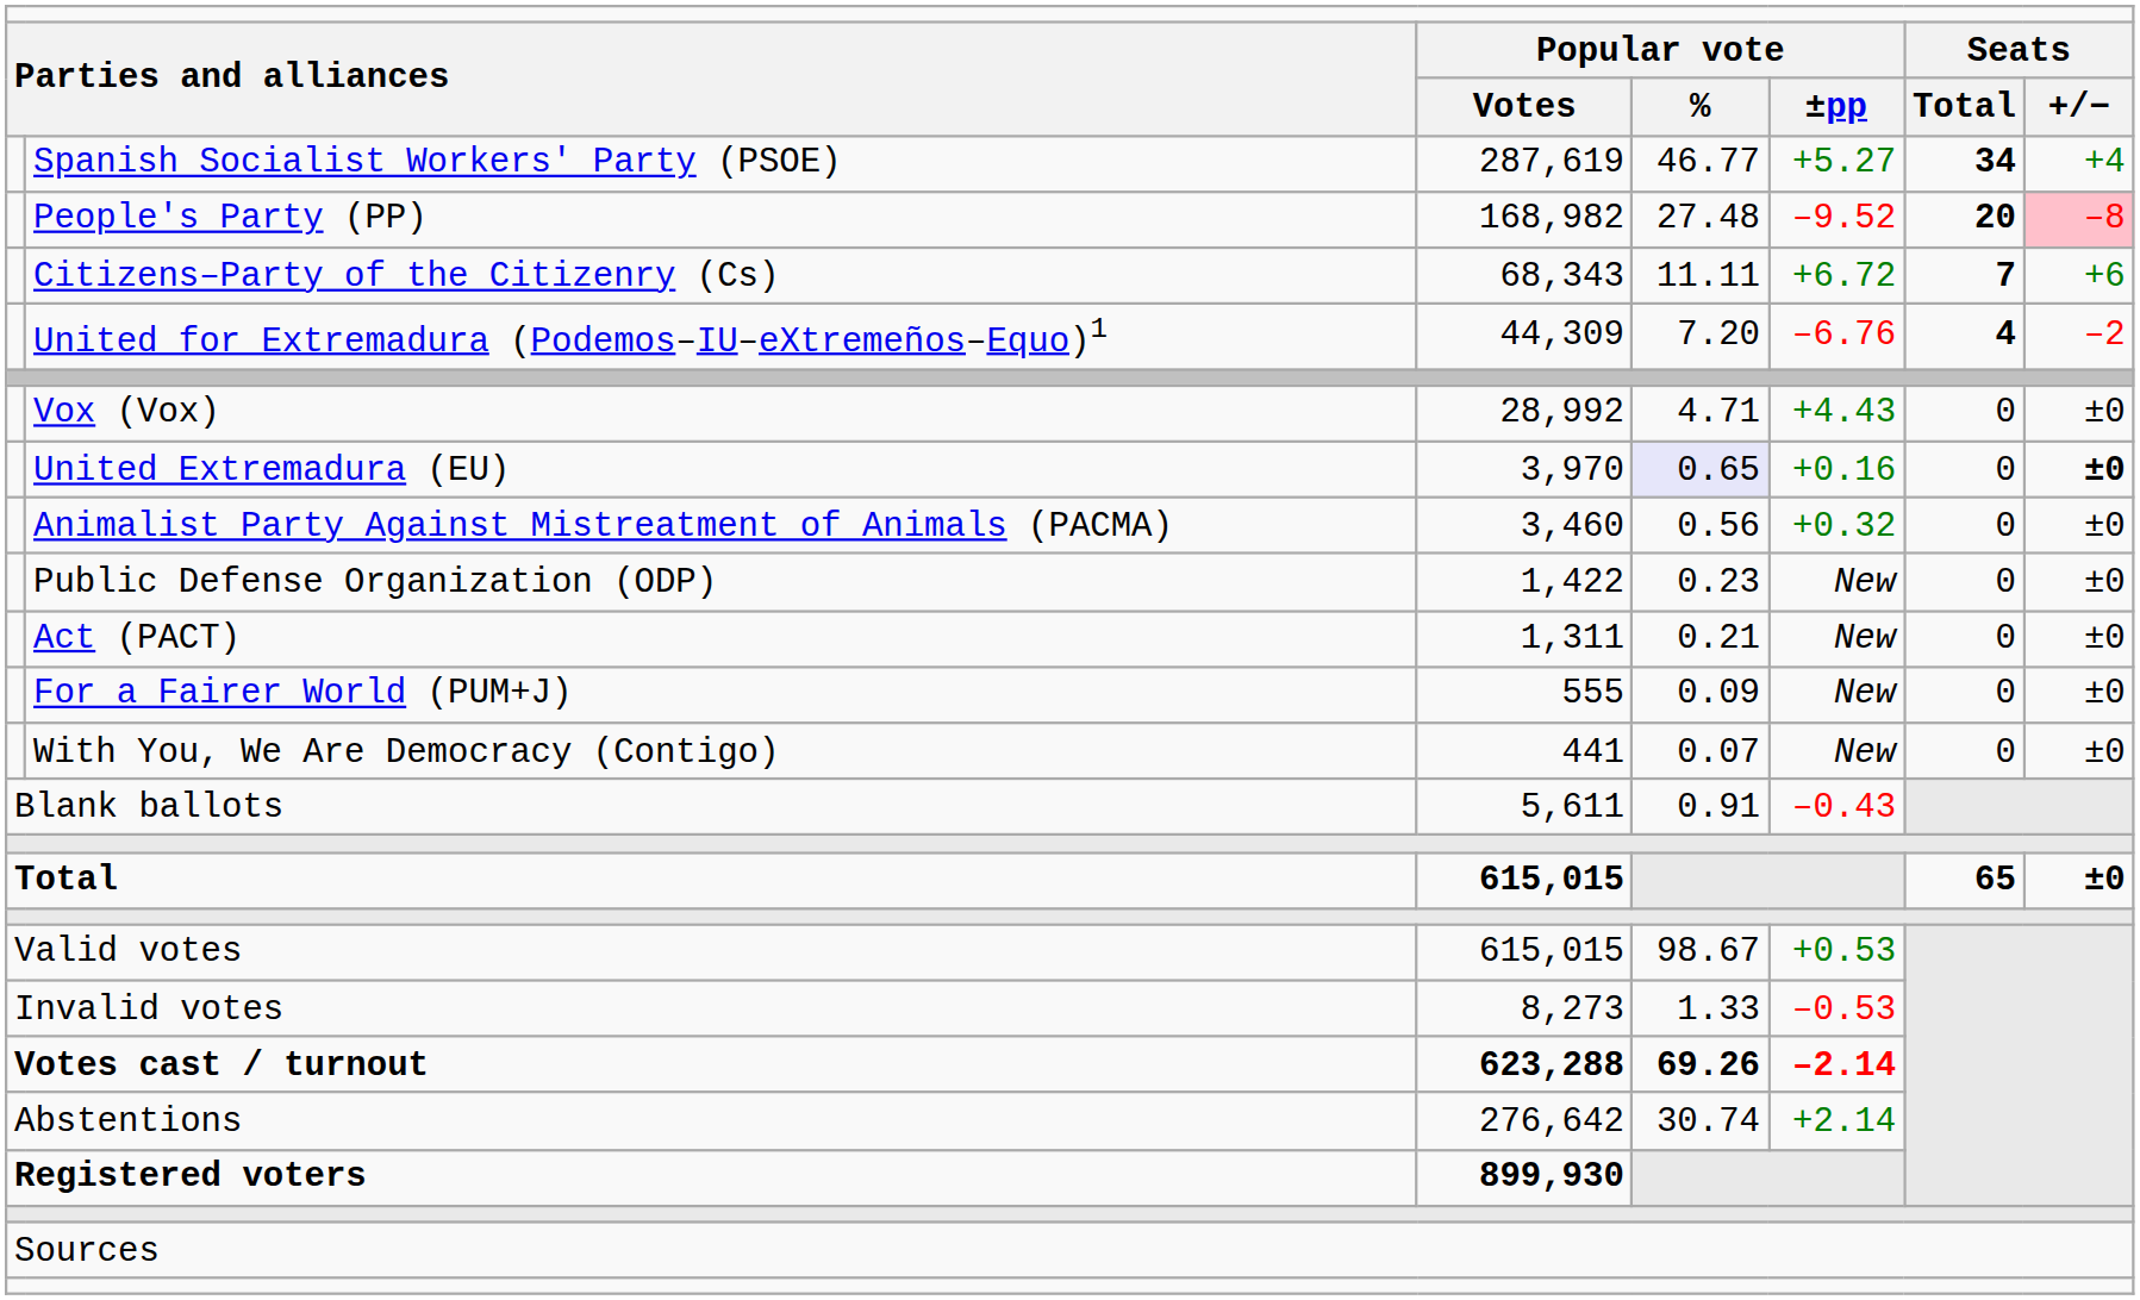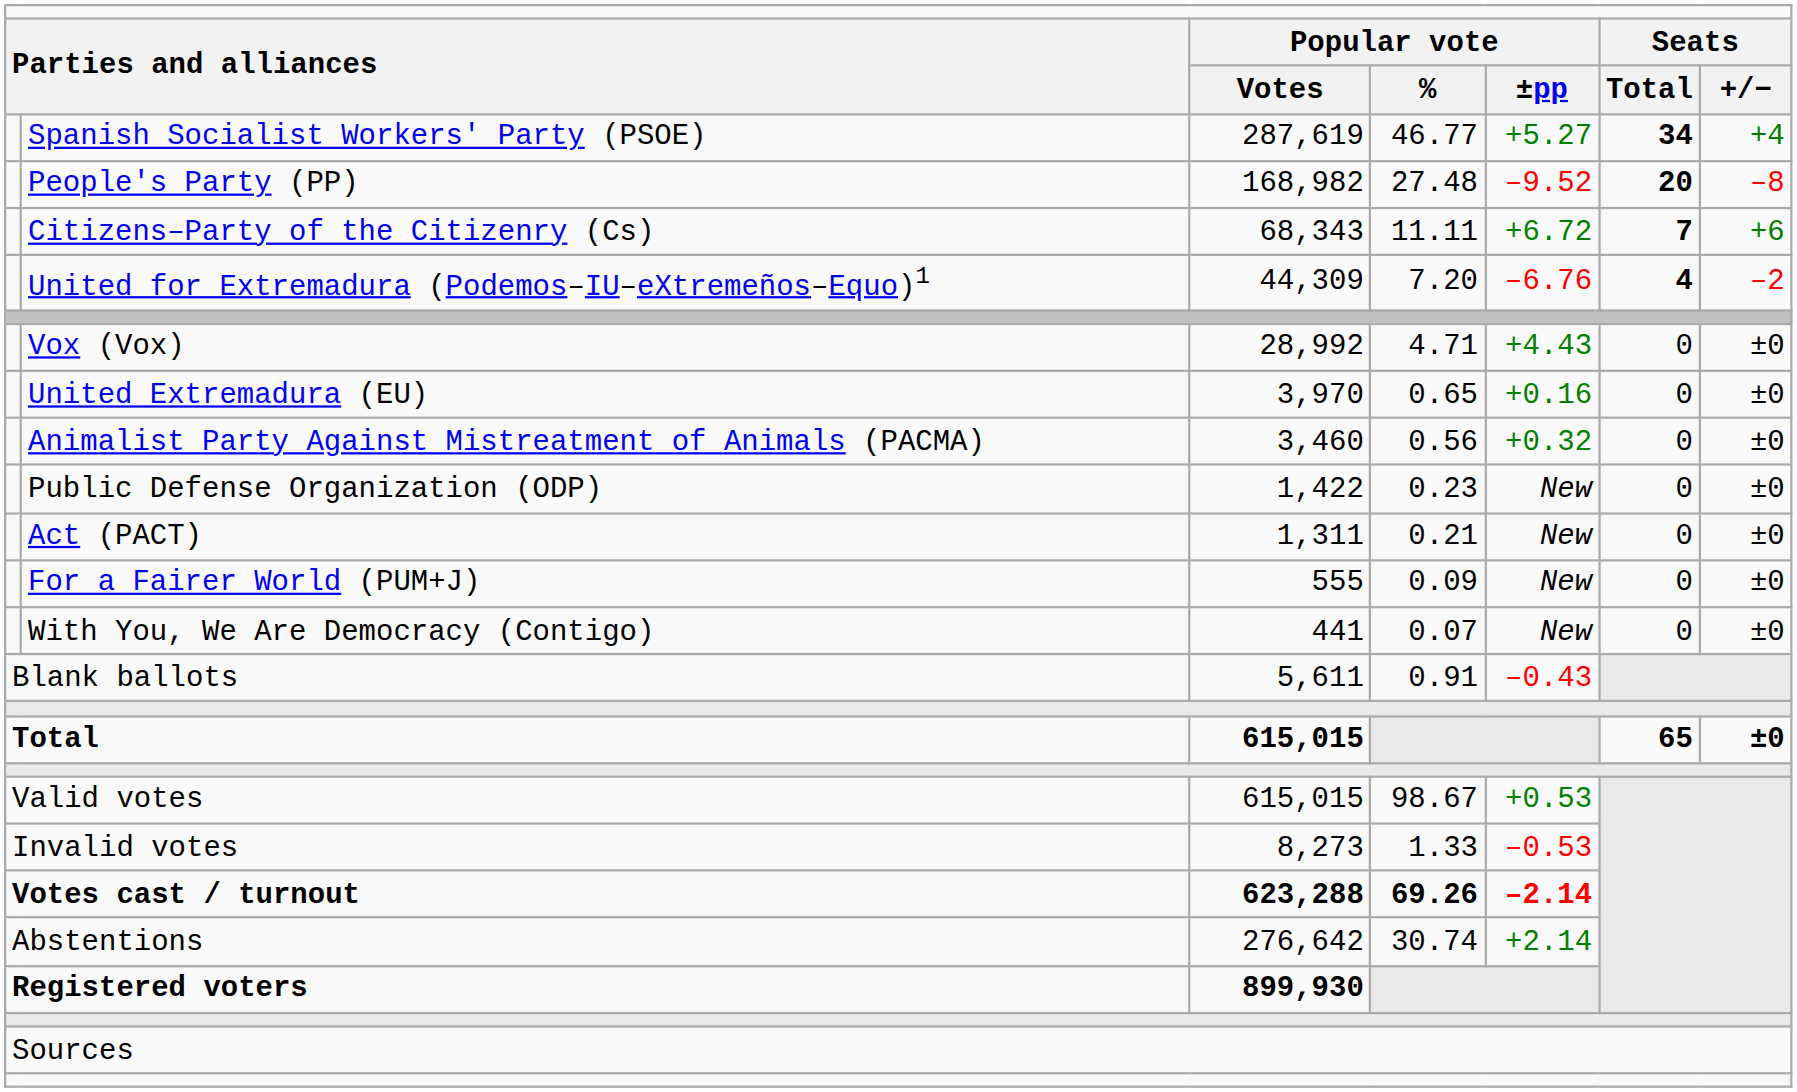 <table class="wikitable" style="text-align:right;">
 <tr>
 <td colspan="7"></td>
 </tr>
 <tr>
 <th style="text-align:left;" rowspan="2" colspan="2" width="525">Parties and alliances</th>
 <th colspan="3">Popular vote</th>
 <th colspan="2">Seats</th>
 </tr>
 <tr>
 <th width="75">Votes</th>
 <th width="45">%</th>
 <th width="45">±<a href='#'>pp</a></th>
 <th width="35">Total</th>
 <th width="35">+/−</th>
 </tr>
 <tr>
 <td width="1" style="color:inherit;background:"></td>
 <td align="left"><a href='#'>Spanish Socialist Workers' Party</a> (PSOE)</td>
 <td>287,619</td>
 <td>46.77</td>
 <td style="color:green;">+5.27</td>
 <td><strong>34</strong></td>
 <td style="color:green;">+4</td>
 </tr>
 <tr>
 <td style="color:inherit;background:"></td>
 <td align="left"><a href='#'>People's Party</a> (PP)</td>
 <td>168,982</td>
 <td>27.48</td>
 <td style="color:red;">–9.52</td>
 <td><strong>20</strong></td>
-<td style="background: pink; color:red;">–8</td>
+<td style="color:red;">–8</td>
 </tr>
 <tr>
 <td style="color:inherit;background:"></td>
 <td align="left"><a href='#'>Citizens–Party of the Citizenry</a> (Cs)</td>
 <td>68,343</td>
 <td>11.11</td>
 <td style="color:green;">+6.72</td>
 <td><strong>7</strong></td>
 <td style="color:green;">+6</td>
 </tr>
 <tr>
 <td style="color:inherit;background:"></td>
 <td align="left"><a href='#'>United for Extremadura</a> (<a href='#'>Podemos</a>–<a href='#'>IU</a>–<a href='#'>eXtremeños</a>–<a href='#'>Equo</a>)<sup>1</sup></td>
 <td>44,309</td>
 <td>7.20</td>
 <td style="color:red;">–6.76</td>
 <td><strong>4</strong></td>
 <td style="color:red;">–2</td>
 </tr>
 <tr>
 <td colspan="7" bgcolor="#C0C0C0"></td>
 </tr>
 <tr>
 <td style="color:inherit;background:"></td>
 <td align="left"><a href='#'>Vox</a> (Vox)</td>
 <td>28,992</td>
 <td>4.71</td>
 <td style="color:green;">+4.43</td>
 <td>0</td>
 <td>±0</td>
 </tr>
 <tr>
 <td style="color:inherit;background:"></td>
 <td align="left"><a href='#'>United Extremadura</a> (EU)</td>
 <td>3,970</td>
-<td style="background: lavender;">0.65</td>
+<td>0.65</td>
 <td style="color:green;">+0.16</td>
 <td>0</td>
-<td><strong>±0</strong></td>
+<td>±0</td>
 </tr>
 <tr>
 <td style="color:inherit;background:"></td>
 <td align="left"><a href='#'>Animalist Party Against Mistreatment of Animals</a> (PACMA)</td>
 <td>3,460</td>
 <td>0.56</td>
 <td style="color:green;">+0.32</td>
 <td>0</td>
 <td>±0</td>
 </tr>
 <tr>
 <td style="color:inherit;background:"></td>
 <td align="left">Public Defense Organization (ODP)</td>
 <td>1,422</td>
 <td>0.23</td>
 <td><em>New</em></td>
 <td>0</td>
 <td>±0</td>
 </tr>
 <tr>
 <td style="color:inherit;background:"></td>
 <td align="left"><a href='#'>Act</a> (PACT)</td>
 <td>1,311</td>
 <td>0.21</td>
 <td><em>New</em></td>
 <td>0</td>
 <td>±0</td>
 </tr>
 <tr>
 <td style="color:inherit;background:"></td>
 <td align="left"><a href='#'>For a Fairer World</a> (PUM+J)</td>
 <td>555</td>
 <td>0.09</td>
 <td><em>New</em></td>
 <td>0</td>
 <td>±0</td>
 </tr>
 <tr>
 <td style="color:inherit;background:"></td>
 <td align="left">With You, We Are Democracy (Contigo)</td>
 <td>441</td>
 <td>0.07</td>
 <td><em>New</em></td>
 <td>0</td>
 <td>±0</td>
 </tr>
 <tr>
 <td align="left" colspan="2">Blank ballots</td>
 <td>5,611</td>
 <td>0.91</td>
 <td style="color:red;">–0.43</td>
 <td bgcolor="#E9E9E9" colspan="2"></td>
 </tr>
 <tr>
 <td colspan="7" bgcolor="#E9E9E9"></td>
 </tr>
 <tr style="font-weight:bold;">
 <td align="left" colspan="2">Total</td>
 <td>615,015</td>
 <td bgcolor="#E9E9E9" colspan="2"></td>
 <td>65</td>
 <td>±0</td>
 </tr>
 <tr>
 <td colspan="7" bgcolor="#E9E9E9"></td>
 </tr>
 <tr>
 <td align="left" colspan="2">Valid votes</td>
 <td>615,015</td>
 <td>98.67</td>
 <td style="color:green;">+0.53</td>
 <td bgcolor="#E9E9E9" colspan="2" rowspan="5"></td>
 </tr>
 <tr>
 <td align="left" colspan="2">Invalid votes</td>
 <td>8,273</td>
 <td>1.33</td>
 <td style="color:red;">–0.53</td>
 </tr>
 <tr style="font-weight:bold;">
 <td align="left" colspan="2">Votes cast / turnout</td>
 <td>623,288</td>
 <td>69.26</td>
 <td style="color:red;">–2.14</td>
 </tr>
 <tr>
 <td align="left" colspan="2">Abstentions</td>
 <td>276,642</td>
 <td>30.74</td>
 <td style="color:green;">+2.14</td>
 </tr>
 <tr style="font-weight:bold;">
 <td align="left" colspan="2">Registered voters</td>
 <td>899,930</td>
 <td bgcolor="#E9E9E9" colspan="2"></td>
 </tr>
 <tr>
 <td colspan="7" bgcolor="#E9E9E9"></td>
 </tr>
 <tr>
 <td align="left" colspan="7">Sources</td>
 </tr>
 <tr>
 <td colspan="7" style="text-align:left; max-width:790px;"></td>
 </tr>
 </table>
